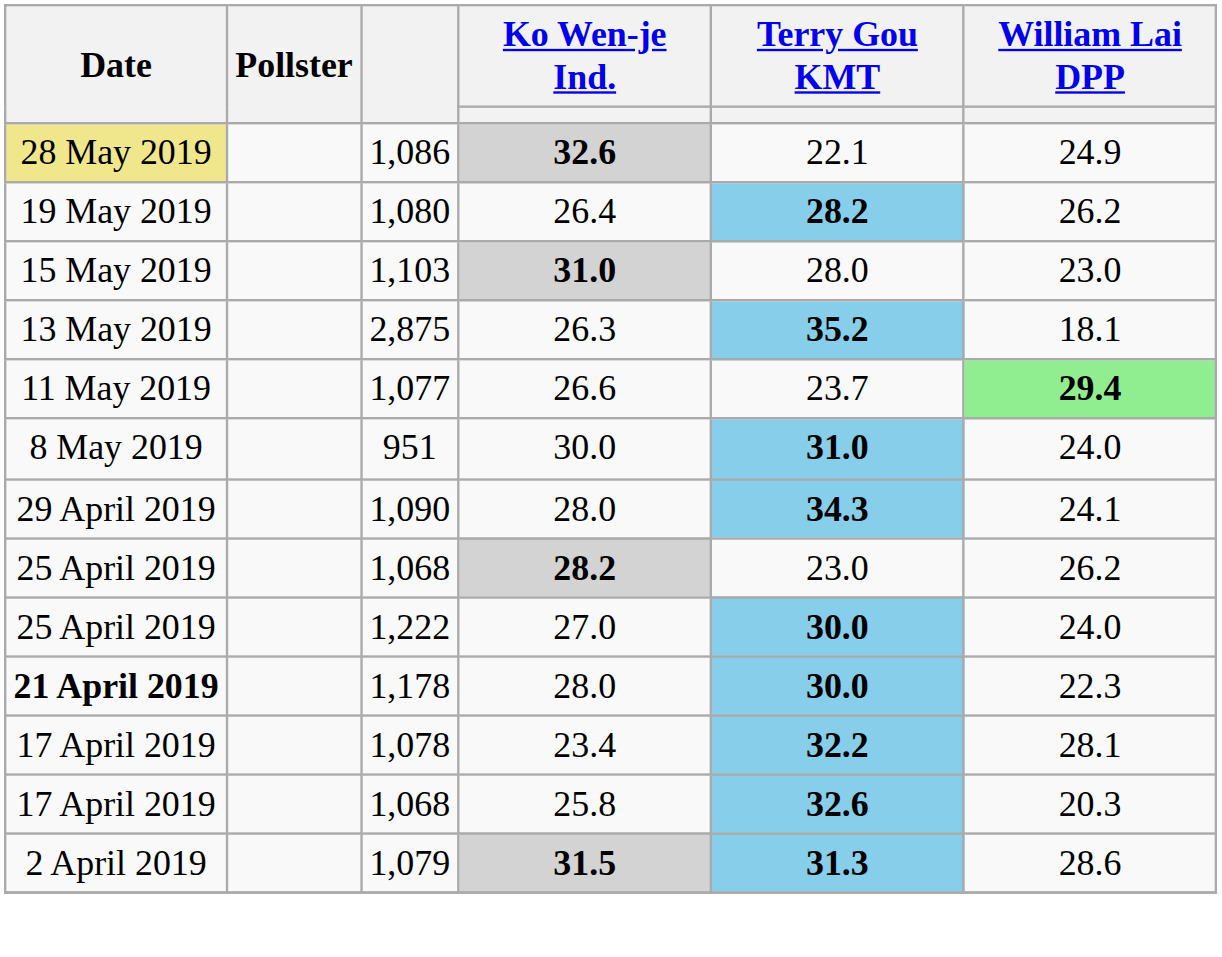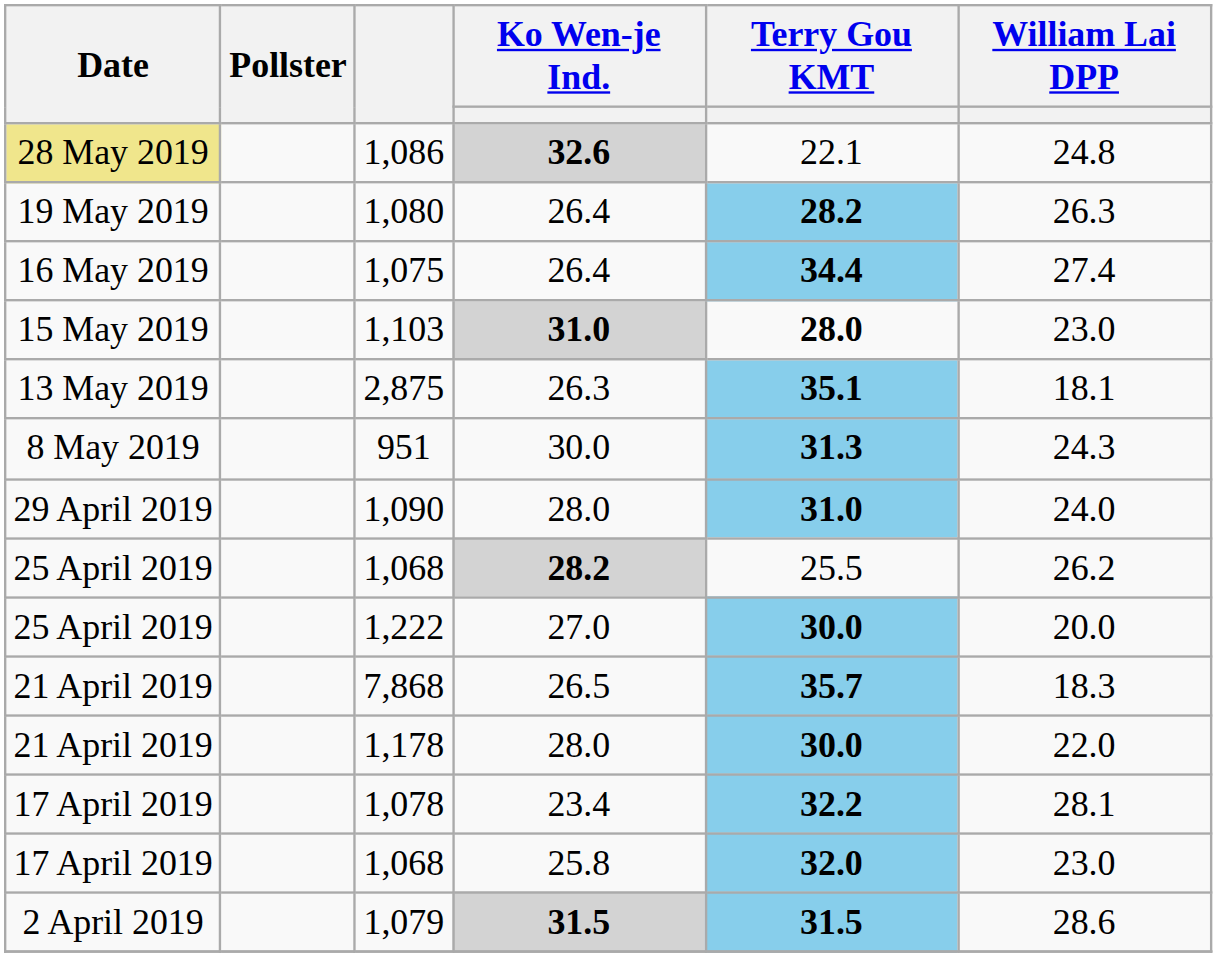 <table class="wikitable sortable collapsible" style="font-size:95%; text-align:center">
 <tr>
 <th rowspan=2>Date</th>
 <th rowspan=2>Pollster</th>
 <th rowspan=2></th>
 <th width=100px><a href='#'>Ko Wen-je</a><br><a href='#'>Ind.</a></th>
 <th width=100px><a href='#'>Terry Gou</a><br><a href='#'>KMT</a></th>
 <th width=100px><a href='#'>William Lai</a><br><a href='#'>DPP</a></th>
 </tr>
 <tr>
 <th style="background:"></th>
 <th style="background:"></th>
 <th style="background:"></th>
 </tr>
 <tr>
 <td style="background: khaki;">28 May 2019</td>
 <td></td>
 <td>1,086</td>
 <td style="background-color:lightgrey;"><strong> 32.6</strong></td>
 <td>22.1</td>
-<td>24.9</td>
+<td>24.8</td>
 </tr>
 <tr>
 <td>19 May 2019</td>
 <td></td>
 <td>1,080</td>
 <td>26.4</td>
 <td style="background-color:skyblue;"><strong>28.2</strong></td>
-<td>26.2</td>
+<td>26.3</td>
+</tr>
+<tr>
+<td>16 May 2019</td>
+<td></td>
+<td>1,075</td>
+<td>26.4</td>
+<td style="background-color:skyblue;"><strong>34.4</strong></td>
+<td>27.4</td>
 </tr>
 <tr>
 <td>15 May 2019</td>
 <td></td>
 <td>1,103</td>
 <td style="background-color:lightgrey;"><strong> 31.0</strong></td>
-<td>28.0</td>
+<td><strong>28.0</strong></td>
 <td>23.0</td>
 </tr>
 <tr>
 <td>13 May 2019</td>
 <td></td>
 <td>2,875</td>
 <td>26.3</td>
-<td style="background-color:skyblue;"><strong>35.2</strong></td>
+<td style="background-color:skyblue;"><strong>35.1</strong></td>
 <td>18.1</td>
-</tr>
-<tr>
-<td>11 May 2019</td>
-<td></td>
-<td>1,077</td>
-<td>26.6</td>
-<td>23.7</td>
-<td style="background-color:lightgreen;"><strong>29.4</strong></td>
 </tr>
 <tr>
 <td>8 May 2019</td>
 <td></td>
 <td>951</td>
 <td>30.0</td>
-<td style="background-color:skyblue;"><strong>31.0</strong></td>
-<td>24.0</td>
+<td style="background-color:skyblue;"><strong>31.3</strong></td>
+<td>24.3</td>
 </tr>
 <tr>
 <td>29 April 2019</td>
 <td></td>
 <td>1,090</td>
 <td>28.0</td>
-<td style="background-color:skyblue;"><strong>34.3</strong></td>
-<td>24.1</td>
+<td style="background-color:skyblue;"><strong>31.0</strong></td>
+<td>24.0</td>
 </tr>
 <tr>
 <td>25 April 2019</td>
 <td></td>
 <td>1,068</td>
 <td style="background-color:lightgrey;"><strong>28.2</strong></td>
-<td>23.0</td>
+<td>25.5</td>
 <td>26.2</td>
 </tr>
 <tr>
 <td>25 April 2019</td>
 <td></td>
 <td>1,222</td>
 <td>27.0</td>
 <td style="background-color:skyblue;"><strong>30.0</strong></td>
-<td>24.0</td>
+<td>20.0</td>
 </tr>
 <tr>
-<td><strong>21 April 2019</strong></td>
+<td>21 April 2019</td>
+<td></td>
+<td>7,868</td>
+<td>26.5</td>
+<td style="background-color:skyblue;"><strong>35.7</strong></td>
+<td>18.3</td>
+</tr>
+<tr>
+<td>21 April 2019</td>
 <td></td>
 <td>1,178</td>
 <td>28.0</td>
 <td style="background-color:skyblue;"><strong>30.0</strong></td>
-<td>22.3</td>
+<td>22.0</td>
 </tr>
 <tr>
 <td>17 April 2019</td>
 <td></td>
 <td>1,078</td>
 <td>23.4</td>
 <td style="background-color:skyblue;"><strong>32.2</strong></td>
 <td>28.1</td>
 </tr>
 <tr>
 <td>17 April 2019</td>
 <td></td>
 <td>1,068</td>
 <td>25.8</td>
-<td style="background-color:skyblue;"><strong>32.6</strong></td>
-<td>20.3</td>
+<td style="background-color:skyblue;"><strong>32.0</strong></td>
+<td>23.0</td>
 </tr>
 <tr>
 <td>2 April 2019</td>
 <td></td>
 <td>1,079</td>
 <td style="background-color:lightgrey;"><strong>31.5</strong></td>
-<td style="background-color:skyblue;"><strong>31.3</strong></td>
+<td style="background-color:skyblue;"><strong>31.5</strong></td>
 <td>28.6</td>
 </tr>
 <tr>
 </tr>
 </table>
